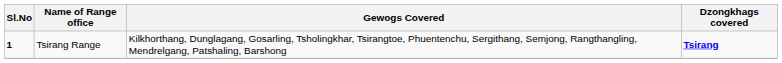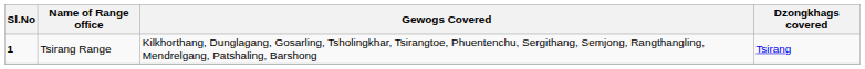 <table class="wikitable">
 <tr>
 <th>Sl.No</th>
 <th>Name of Range office</th>
 <th>Gewogs Covered</th>
 <th>Dzongkhags covered</th>
 </tr>
 <tr>
 <td><strong>1</strong></td>
 <td>Tsirang Range</td>
 <td>Kilkhorthang, Dunglagang, Gosarling, Tsholingkhar, Tsirangtoe, Phuentenchu, Sergithang, Semjong, Rangthangling, Mendrelgang, Patshaling, Barshong</td>
-<td><strong><a href='#'>Tsirang</a></strong></td>
+<td><a href='#'>Tsirang</a></td>
 </tr>
 <tr>
 </tr>
 </table>
